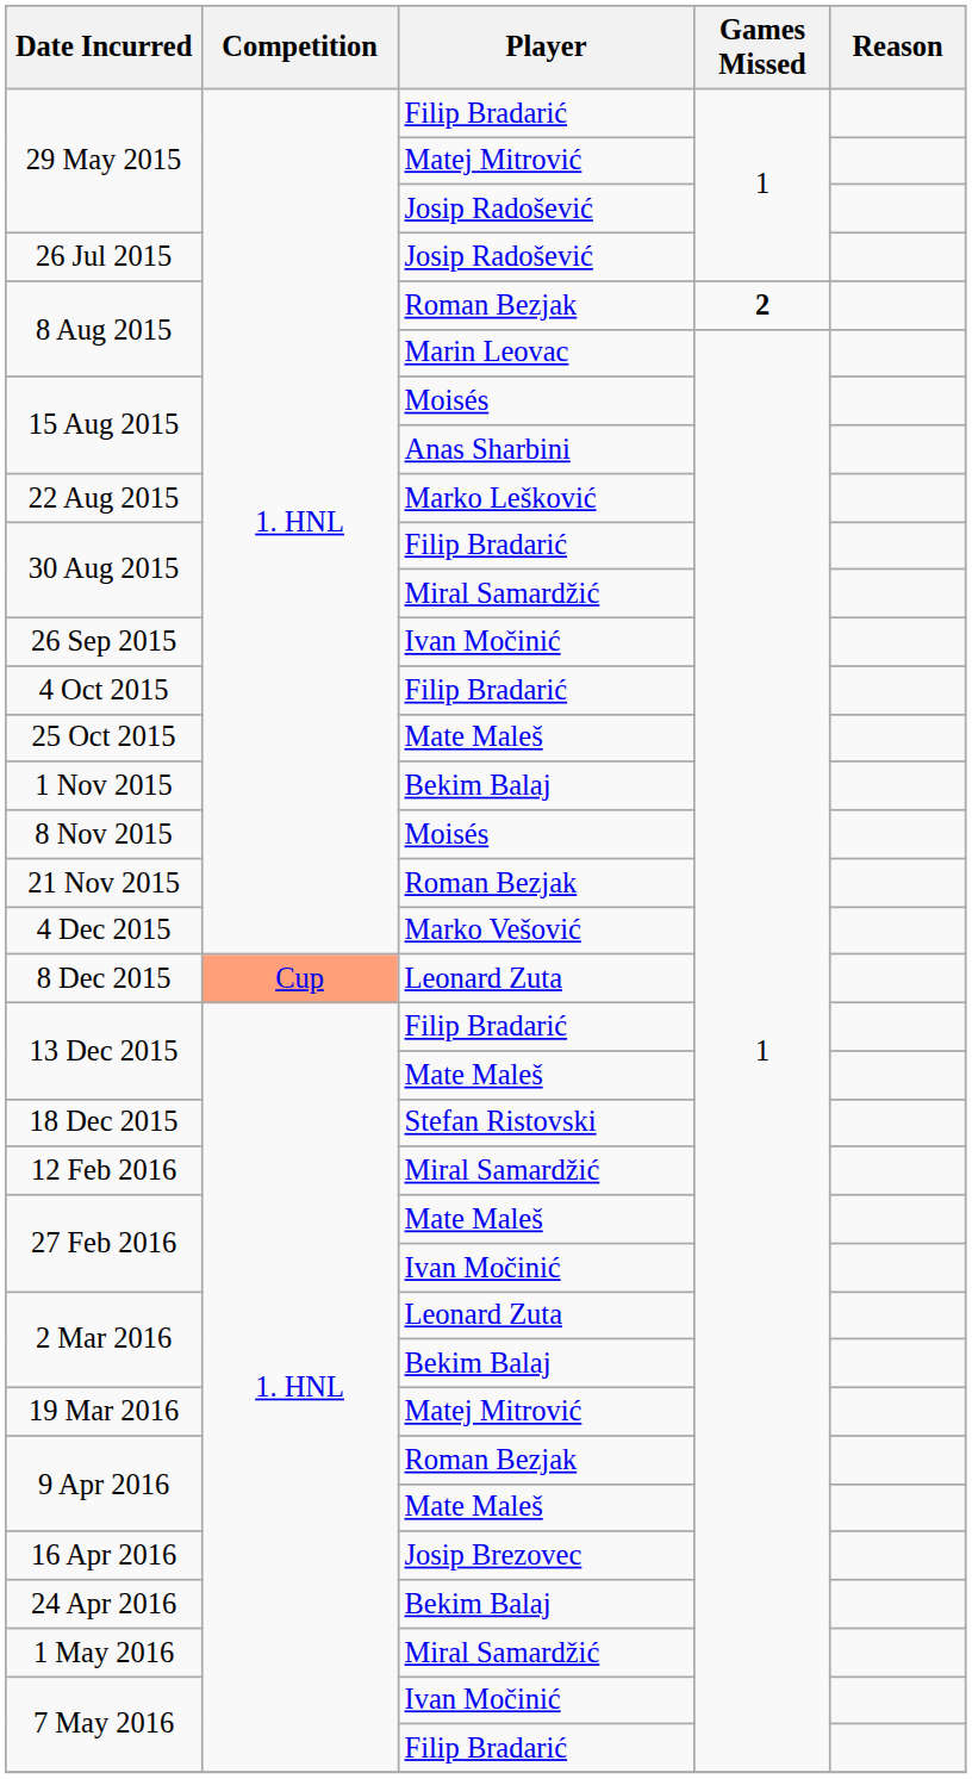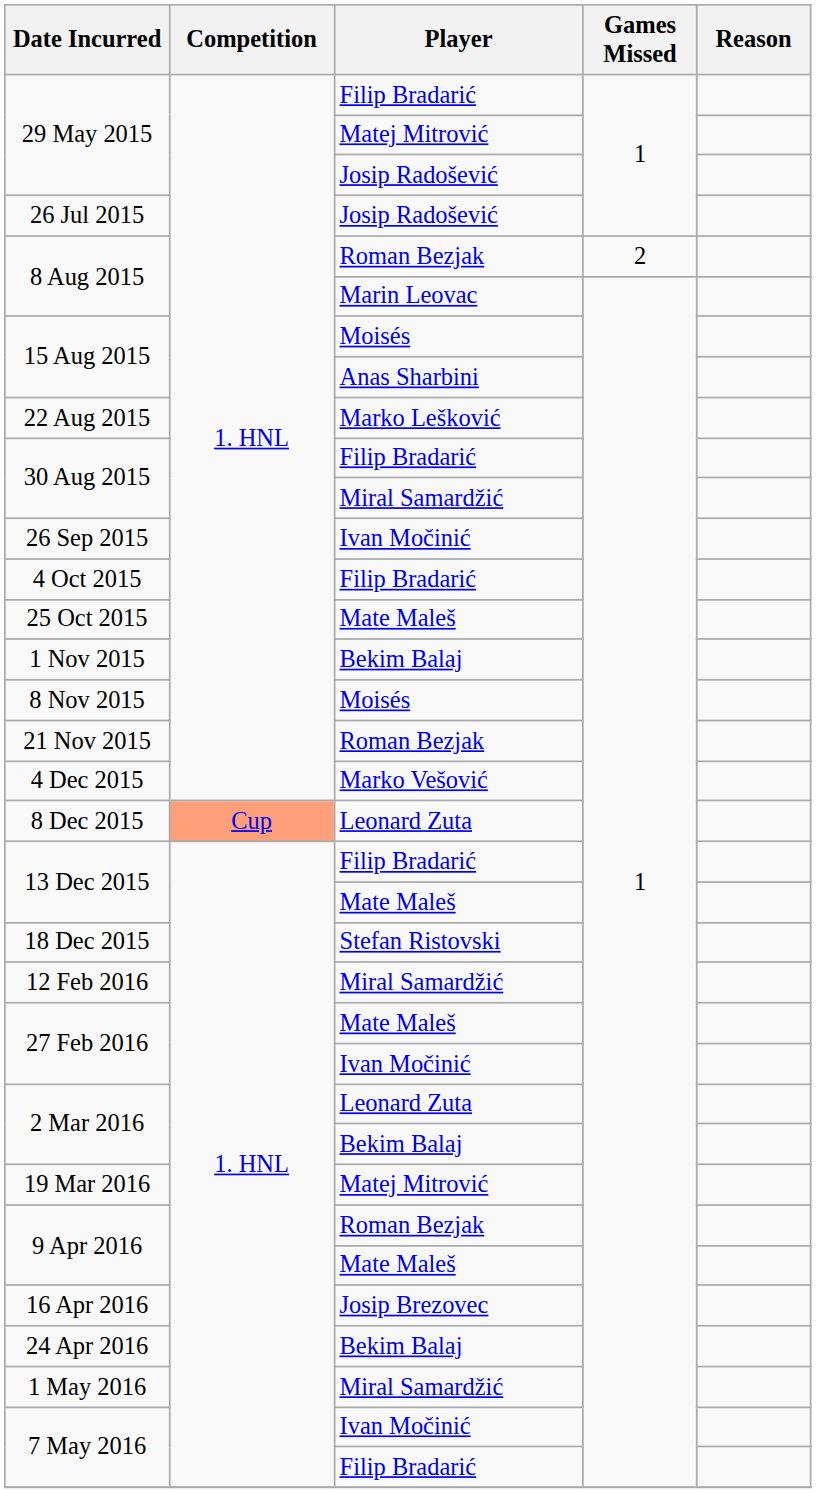 <table class="wikitable" style="font-size: 90%; text-align: center;">
 <tr>
 <th width=90>Date Incurred</th>
 <th width=90>Competition</th>
 <th width=140>Player</th>
 <th width=60>Games Missed</th>
 <th width=60>Reason</th>
 </tr>
 <tr>
 <td rowspan=3>29 May 2015</td>
 <td rowspan=18><a href='#'>1. HNL</a></td>
 <td style="text-align:left;"> <a href='#'>Filip Bradarić</a></td>
 <td rowspan=4>1</td>
 <td></td>
 </tr>
 <tr>
 <td style="text-align:left;"> <a href='#'>Matej Mitrović</a></td>
 <td></td>
 </tr>
 <tr>
 <td style="text-align:left;"> <a href='#'>Josip Radošević</a></td>
 <td></td>
 </tr>
 <tr>
 <td>26 Jul 2015</td>
 <td style="text-align:left;"> <a href='#'>Josip Radošević</a></td>
 <td></td>
 </tr>
 <tr>
 <td rowspan=2>8 Aug 2015</td>
 <td style="text-align:left;"> <a href='#'>Roman Bezjak</a></td>
-<td><strong>2</strong></td>
+<td>2</td>
 <td></td>
 </tr>
 <tr>
 <td style="text-align:left;"> <a href='#'>Marin Leovac</a></td>
 <td rowspan=30>1</td>
 <td></td>
 </tr>
 <tr>
 <td rowspan=2>15 Aug 2015</td>
 <td style="text-align:left;"> <a href='#'>Moisés</a></td>
 <td></td>
 </tr>
 <tr>
 <td style="text-align:left;"> <a href='#'>Anas Sharbini</a></td>
 <td></td>
 </tr>
 <tr>
 <td>22 Aug 2015</td>
 <td style="text-align:left;"> <a href='#'>Marko Lešković</a></td>
 <td></td>
 </tr>
 <tr>
 <td rowspan=2>30 Aug 2015</td>
 <td style="text-align:left;"> <a href='#'>Filip Bradarić</a></td>
 <td></td>
 </tr>
 <tr>
 <td style="text-align:left;"> <a href='#'>Miral Samardžić</a></td>
 <td></td>
 </tr>
 <tr>
 <td>26 Sep 2015</td>
 <td style="text-align:left;"> <a href='#'>Ivan Močinić</a></td>
 <td></td>
 </tr>
 <tr>
 <td>4 Oct 2015</td>
 <td style="text-align:left;"> <a href='#'>Filip Bradarić</a></td>
 <td></td>
 </tr>
 <tr>
 <td>25 Oct 2015</td>
 <td style="text-align:left;"> <a href='#'>Mate Maleš</a></td>
 <td></td>
 </tr>
 <tr>
 <td>1 Nov 2015</td>
 <td style="text-align:left;"> <a href='#'>Bekim Balaj</a></td>
 <td></td>
 </tr>
 <tr>
 <td>8 Nov 2015</td>
 <td style="text-align:left;"> <a href='#'>Moisés</a></td>
 <td></td>
 </tr>
 <tr>
 <td>21 Nov 2015</td>
 <td style="text-align:left;"> <a href='#'>Roman Bezjak</a></td>
 <td></td>
 </tr>
 <tr>
 <td>4 Dec 2015</td>
 <td style="text-align:left;"> <a href='#'>Marko Vešović</a></td>
 <td></td>
 </tr>
 <tr>
 <td>8 Dec 2015</td>
 <td style="background: lightsalmon;"><a href='#'>Cup</a></td>
 <td style="text-align:left;"> <a href='#'>Leonard Zuta</a></td>
 <td></td>
 </tr>
 <tr>
 <td rowspan=2>13 Dec 2015</td>
 <td rowspan=16><a href='#'>1. HNL</a></td>
 <td style="text-align:left;"> <a href='#'>Filip Bradarić</a></td>
 <td></td>
 </tr>
 <tr>
 <td style="text-align:left;"> <a href='#'>Mate Maleš</a></td>
 <td></td>
 </tr>
 <tr>
 <td>18 Dec 2015</td>
 <td style="text-align:left;"> <a href='#'>Stefan Ristovski</a></td>
 <td></td>
 </tr>
 <tr>
 <td>12 Feb 2016</td>
 <td style="text-align:left;"> <a href='#'>Miral Samardžić</a></td>
 <td></td>
 </tr>
 <tr>
 <td rowspan=2>27 Feb 2016</td>
 <td style="text-align:left;"> <a href='#'>Mate Maleš</a></td>
 <td></td>
 </tr>
 <tr>
 <td style="text-align:left;"> <a href='#'>Ivan Močinić</a></td>
 <td></td>
 </tr>
 <tr>
 <td rowspan=2>2 Mar 2016</td>
 <td style="text-align:left;"> <a href='#'>Leonard Zuta</a></td>
 <td></td>
 </tr>
 <tr>
 <td style="text-align:left;"> <a href='#'>Bekim Balaj</a></td>
 <td></td>
 </tr>
 <tr>
 <td>19 Mar 2016</td>
 <td style="text-align:left;"> <a href='#'>Matej Mitrović</a></td>
 <td></td>
 </tr>
 <tr>
 <td rowspan=2>9 Apr 2016</td>
 <td style="text-align:left;"> <a href='#'>Roman Bezjak</a></td>
 <td></td>
 </tr>
 <tr>
 <td style="text-align:left;"> <a href='#'>Mate Maleš</a></td>
 <td></td>
 </tr>
 <tr>
 <td>16 Apr 2016</td>
 <td style="text-align:left;"> <a href='#'>Josip Brezovec</a></td>
 <td></td>
 </tr>
 <tr>
 <td>24 Apr 2016</td>
 <td style="text-align:left;"> <a href='#'>Bekim Balaj</a></td>
 <td></td>
 </tr>
 <tr>
 <td>1 May 2016</td>
 <td style="text-align:left;"> <a href='#'>Miral Samardžić</a></td>
 <td></td>
 </tr>
 <tr>
 <td rowspan=2>7 May 2016</td>
 <td style="text-align:left;"> <a href='#'>Ivan Močinić</a></td>
 <td></td>
 </tr>
 <tr>
 <td style="text-align:left;"> <a href='#'>Filip Bradarić</a></td>
 <td></td>
 </tr>
 <tr>
 </tr>
 </table>
